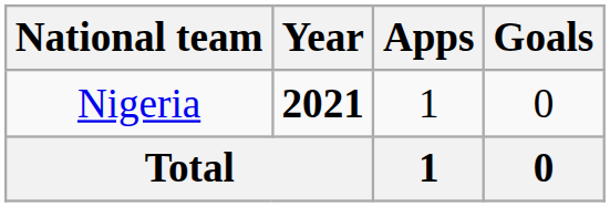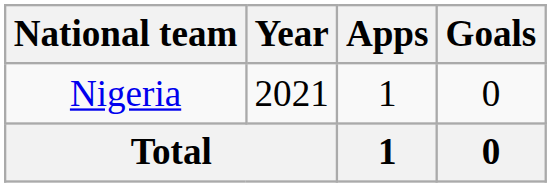 <table class=wikitable style=text-align:center>
 <tr>
 <th>National team</th>
 <th>Year</th>
 <th>Apps</th>
 <th>Goals</th>
 </tr>
 <tr>
 <td rowspan="1"><a href='#'>Nigeria</a></td>
-<td><strong>2021</strong></td>
+<td>2021</td>
 <td>1</td>
 <td>0</td>
 </tr>
 <tr>
 <th colspan="2">Total</th>
 <th>1</th>
 <th>0</th>
 </tr>
 </table>
